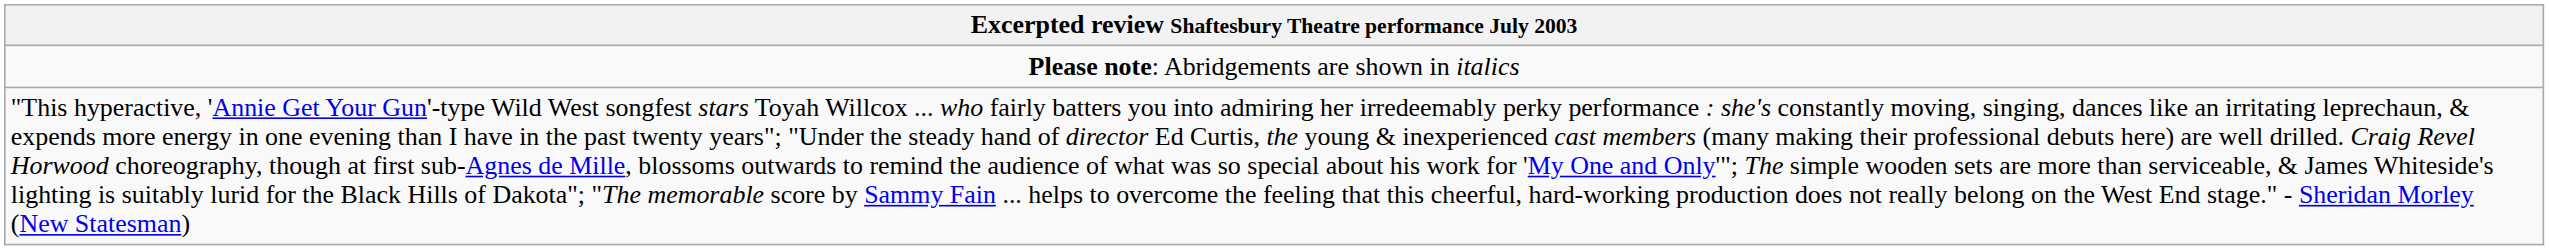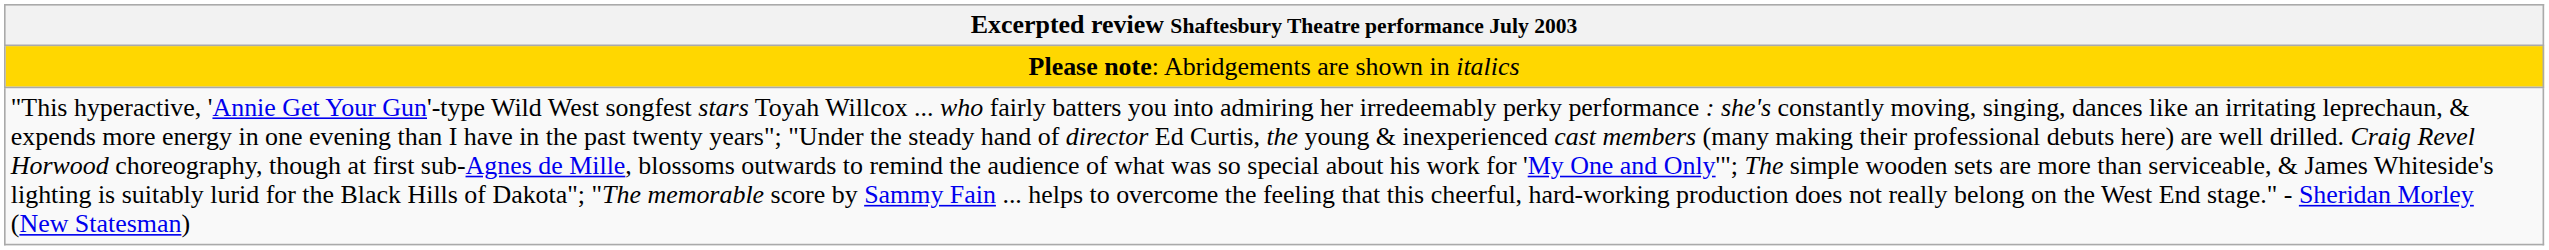 <table class="wikitable floatright collapsible collapsed">
 <tr>
 <th>Excerpted review <small>Shaftesbury Theatre performance July 2003</small></th>
 </tr>
 <tr>
-<td style="text-align:center;"><strong>Please note</strong>: Abridgements are shown in <em>italics</em></td>
+<td style="background: gold; text-align:center;"><strong>Please note</strong>: Abridgements are shown in <em>italics</em></td>
 </tr>
 <tr>
 <td>"This hyperactive, '<a href='#'>Annie Get Your Gun</a>'-type Wild West songfest <em>stars</em> Toyah Willcox ... <em>who</em> fairly batters you into admiring her irredeemably perky performance <em>: she's</em> constantly moving, singing, dances like an irritating leprechaun, & expends more energy in one evening than I have in the past twenty years"; "Under the steady hand of <em>director</em> Ed Curtis, <em>the</em> young & inexperienced <em>cast members</em> (many making their professional debuts here) are well drilled. <em>Craig Revel Horwood</em> choreography, though at first sub-<a href='#'>Agnes de Mille</a>, blossoms outwards to remind the audience of what was so special about his work for '<a href='#'>My One and Only</a>'"; <em>The</em> simple wooden sets are more than serviceable, & James Whiteside's lighting is suitably lurid for the Black Hills of Dakota"; "<em>The memorable</em> score by <a href='#'>Sammy Fain</a> ... helps to overcome the feeling that this cheerful, hard-working production does not really belong on the West End stage." - <a href='#'>Sheridan Morley</a> (<a href='#'>New Statesman</a>) </td>
 </tr>
 </table>
